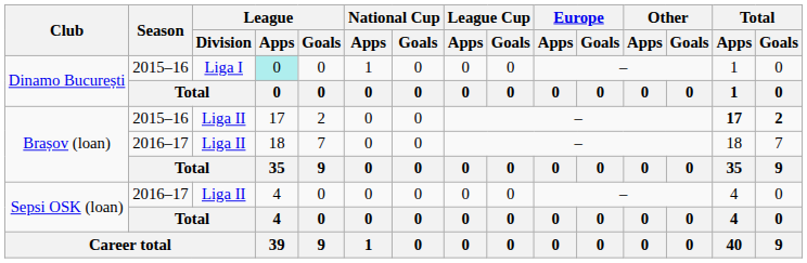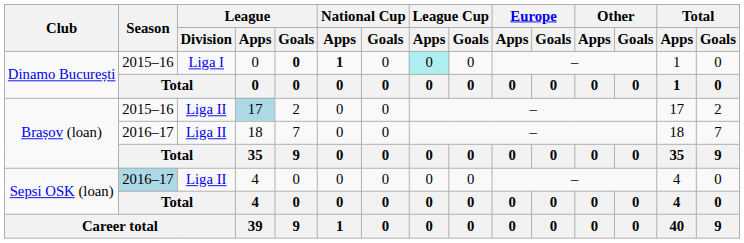 <table class="wikitable" style="text-align: center;">
 <tr>
 <th rowspan="2">Club</th>
 <th rowspan="2">Season</th>
 <th colspan="3">League</th>
 <th colspan="2">National Cup</th>
 <th colspan="2">League Cup</th>
 <th colspan="2"><a href='#'>Europe</a></th>
 <th colspan="2">Other</th>
 <th colspan="2">Total</th>
 </tr>
 <tr>
 <th>Division</th>
 <th>Apps</th>
 <th>Goals</th>
 <th>Apps</th>
 <th>Goals</th>
 <th>Apps</th>
 <th>Goals</th>
 <th>Apps</th>
 <th>Goals</th>
 <th>Apps</th>
 <th>Goals</th>
 <th>Apps</th>
 <th>Goals</th>
 </tr>
 <tr>
 <td rowspan="2" valign="center"><a href='#'>Dinamo București</a></td>
 <td>2015–16</td>
 <td><a href='#'>Liga I</a></td>
+<td>0</td>
+<td><strong>0</strong></td>
+<td><strong>1</strong></td>
+<td>0</td>
 <td style="background: paleturquoise;">0</td>
-<td>0</td>
-<td>1</td>
-<td>0</td>
-<td>0</td>
 <td>0</td>
 <td colspan="4">–</td>
 <td>1</td>
 <td>0</td>
 </tr>
 <tr>
 <th colspan="2">Total</th>
 <th>0</th>
 <th>0</th>
 <th>0</th>
 <th>0</th>
 <th>0</th>
 <th>0</th>
 <th>0</th>
 <th>0</th>
 <th>0</th>
 <th>0</th>
 <th>1</th>
 <th>0</th>
 </tr>
 <tr>
 <td rowspan="3" valign="center"><a href='#'>Brașov</a> (loan)</td>
 <td>2015–16</td>
 <td><a href='#'>Liga II</a></td>
-<td>17</td>
+<td style="background: lightblue;">17</td>
 <td>2</td>
 <td>0</td>
 <td>0</td>
 <td colspan="6">–</td>
-<td><strong>17</strong></td>
-<td><strong>2</strong></td>
+<td>17</td>
+<td>2</td>
 </tr>
 <tr>
 <td>2016–17</td>
 <td><a href='#'>Liga II</a></td>
 <td>18</td>
 <td>7</td>
 <td>0</td>
 <td>0</td>
 <td colspan="6">–</td>
 <td>18</td>
 <td>7</td>
 </tr>
 <tr>
 <th colspan="2">Total</th>
 <th>35</th>
 <th>9</th>
 <th>0</th>
 <th>0</th>
 <th>0</th>
 <th>0</th>
 <th>0</th>
 <th>0</th>
 <th>0</th>
 <th>0</th>
 <th>35</th>
 <th>9</th>
 </tr>
 <tr>
 <td rowspan="2" valign="center"><a href='#'>Sepsi OSK</a> (loan)</td>
-<td>2016–17</td>
+<td style="background: lightblue;">2016–17</td>
 <td><a href='#'>Liga II</a></td>
 <td>4</td>
 <td>0</td>
 <td>0</td>
 <td>0</td>
 <td>0</td>
 <td>0</td>
 <td colspan="4">–</td>
 <td>4</td>
 <td>0</td>
 </tr>
 <tr>
 <th colspan="2">Total</th>
 <th>4</th>
 <th>0</th>
 <th>0</th>
 <th>0</th>
 <th>0</th>
 <th>0</th>
 <th>0</th>
 <th>0</th>
 <th>0</th>
 <th>0</th>
 <th>4</th>
 <th>0</th>
 </tr>
 <tr>
 <th colspan="3">Career total</th>
 <th>39</th>
 <th>9</th>
 <th>1</th>
 <th>0</th>
 <th>0</th>
 <th>0</th>
 <th>0</th>
 <th>0</th>
 <th>0</th>
 <th>0</th>
 <th>40</th>
 <th>9</th>
 </tr>
 </table>
